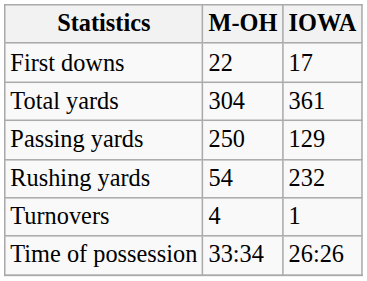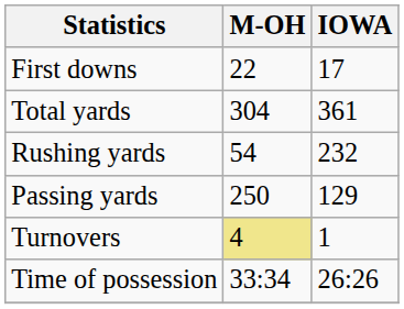 <table class="wikitable">
 <tr>
 <th>Statistics</th>
 <th>M-OH</th>
 <th>IOWA</th>
 </tr>
 <tr>
 <td>First downs</td>
 <td>22</td>
 <td>17</td>
 </tr>
 <tr>
 <td>Total yards</td>
 <td>304</td>
 <td>361</td>
 </tr>
 <tr>
+<td>Rushing yards</td>
+<td>54</td>
+<td>232</td>
+</tr>
+<tr>
 <td>Passing yards</td>
 <td>250</td>
 <td>129</td>
 </tr>
 <tr>
-<td>Rushing yards</td>
-<td>54</td>
-<td>232</td>
-</tr>
-<tr>
 <td>Turnovers</td>
-<td>4</td>
+<td style="background: khaki;">4</td>
 <td>1</td>
 </tr>
 <tr>
 <td>Time of possession</td>
 <td>33:34</td>
 <td>26:26</td>
 </tr>
 <tr>
 </tr>
 </table>
